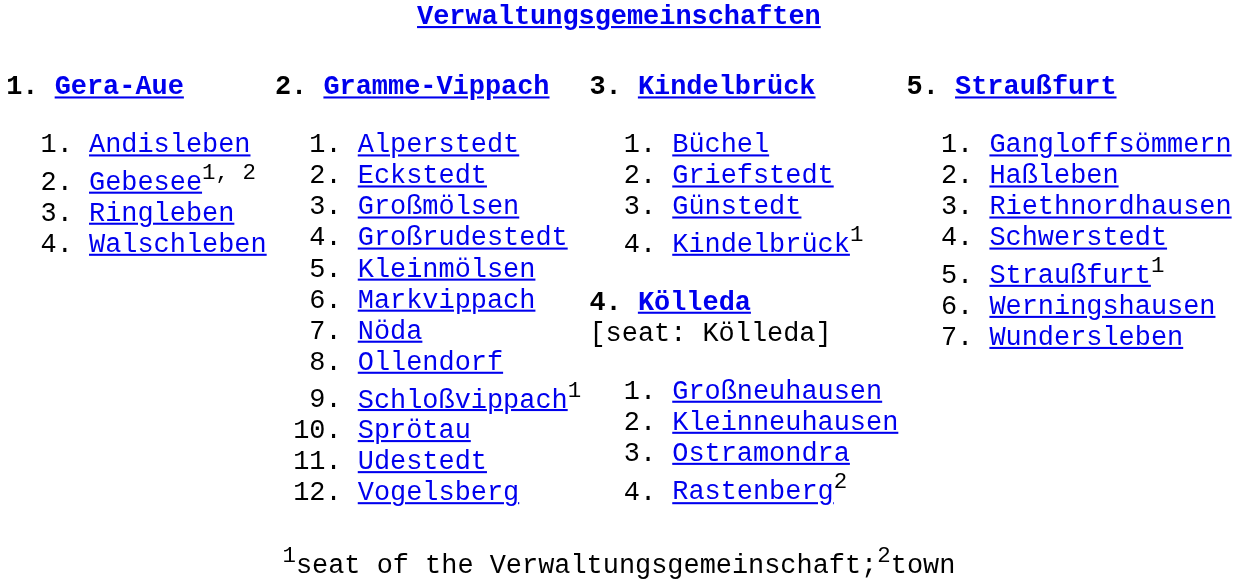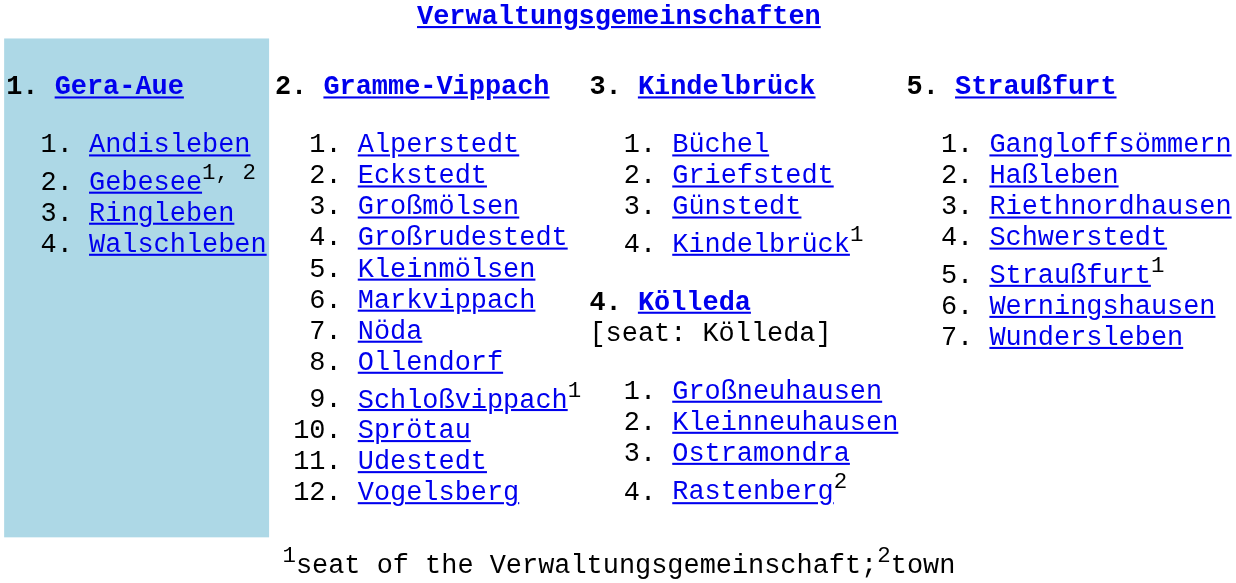 <table>
 <tr>
 <th colspan=4><a href='#'>Verwaltungsgemeinschaften</a></th>
 </tr>
 <tr valign=top>
-<td><br><strong>1. <a href='#'>Gera-Aue</a></strong><ol><li><a href='#'>Andisleben</a></li><li><a href='#'>Gebesee</a><sup>1, 2</sup></li><li><a href='#'>Ringleben</a></li><li><a href='#'>Walschleben</a></li></ol></td>
+<td style="background: lightblue;"><br><strong>1. <a href='#'>Gera-Aue</a></strong><ol><li><a href='#'>Andisleben</a></li><li><a href='#'>Gebesee</a><sup>1, 2</sup></li><li><a href='#'>Ringleben</a></li><li><a href='#'>Walschleben</a></li></ol></td>
 <td><br><strong>2. <a href='#'>Gramme-Vippach</a></strong><ol><li><a href='#'>Alperstedt</a></li><li><a href='#'>Eckstedt</a></li><li><a href='#'>Großmölsen</a></li><li><a href='#'>Großrudestedt</a></li><li><a href='#'>Kleinmölsen</a></li><li><a href='#'>Markvippach</a></li><li><a href='#'>Nöda</a></li><li><a href='#'>Ollendorf</a></li><li><a href='#'>Schloßvippach</a><sup>1</sup></li><li><a href='#'>Sprötau</a></li><li><a href='#'>Udestedt</a></li><li><a href='#'>Vogelsberg</a></li></ol></td>
 <td><br><strong>3. <a href='#'>Kindelbrück</a></strong><ol><li><a href='#'>Büchel</a></li><li><a href='#'>Griefstedt</a></li><li><a href='#'>Günstedt</a></li><li><a href='#'>Kindelbrück</a><sup>1</sup></li></ol><strong>4. <a href='#'>Kölleda</a></strong><br>[seat: Kölleda]<ol><li><a href='#'>Großneuhausen</a></li><li><a href='#'>Kleinneuhausen</a></li><li><a href='#'>Ostramondra</a></li><li><a href='#'>Rastenberg</a><sup>2</sup></li></ol></td>
 <td><br><strong>5. <a href='#'>Straußfurt</a></strong><ol><li><a href='#'>Gangloffsömmern</a></li><li><a href='#'>Haßleben</a></li><li><a href='#'>Riethnordhausen</a></li><li><a href='#'>Schwerstedt</a></li><li><a href='#'>Straußfurt</a><sup>1</sup></li><li><a href='#'>Werningshausen</a></li><li><a href='#'>Wundersleben</a></li></ol></td>
 </tr>
 <tr>
 <td colspan=4 align=center><sup>1</sup>seat of the Verwaltungsgemeinschaft;<sup>2</sup>town</td>
 </tr>
 </table>
